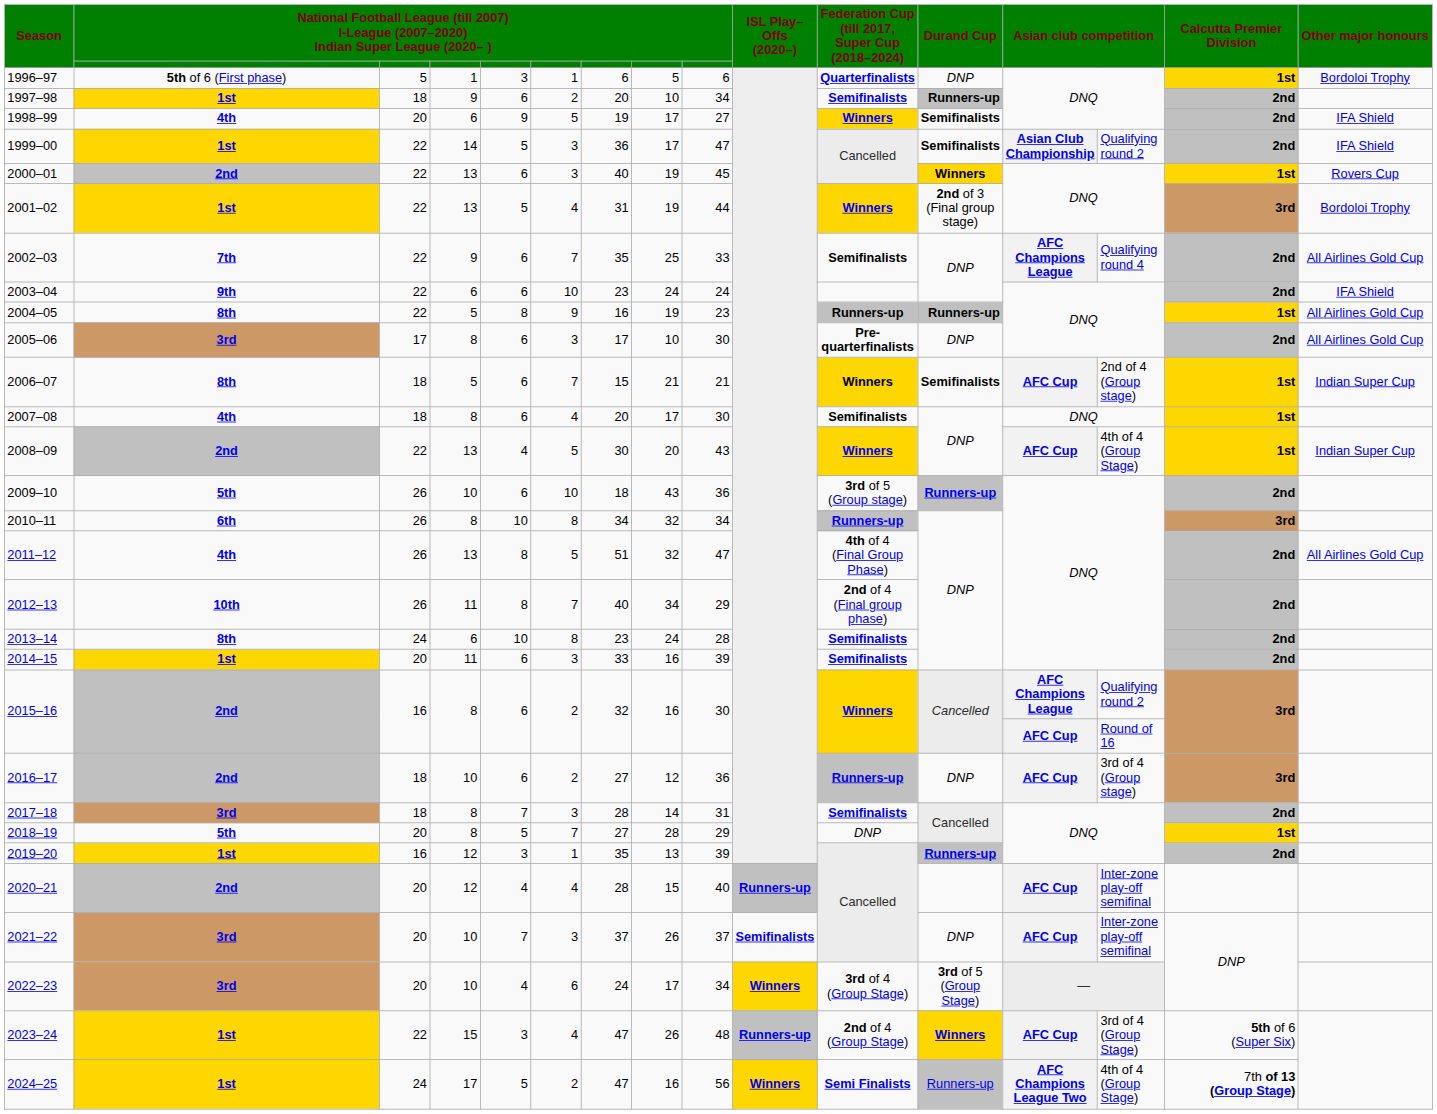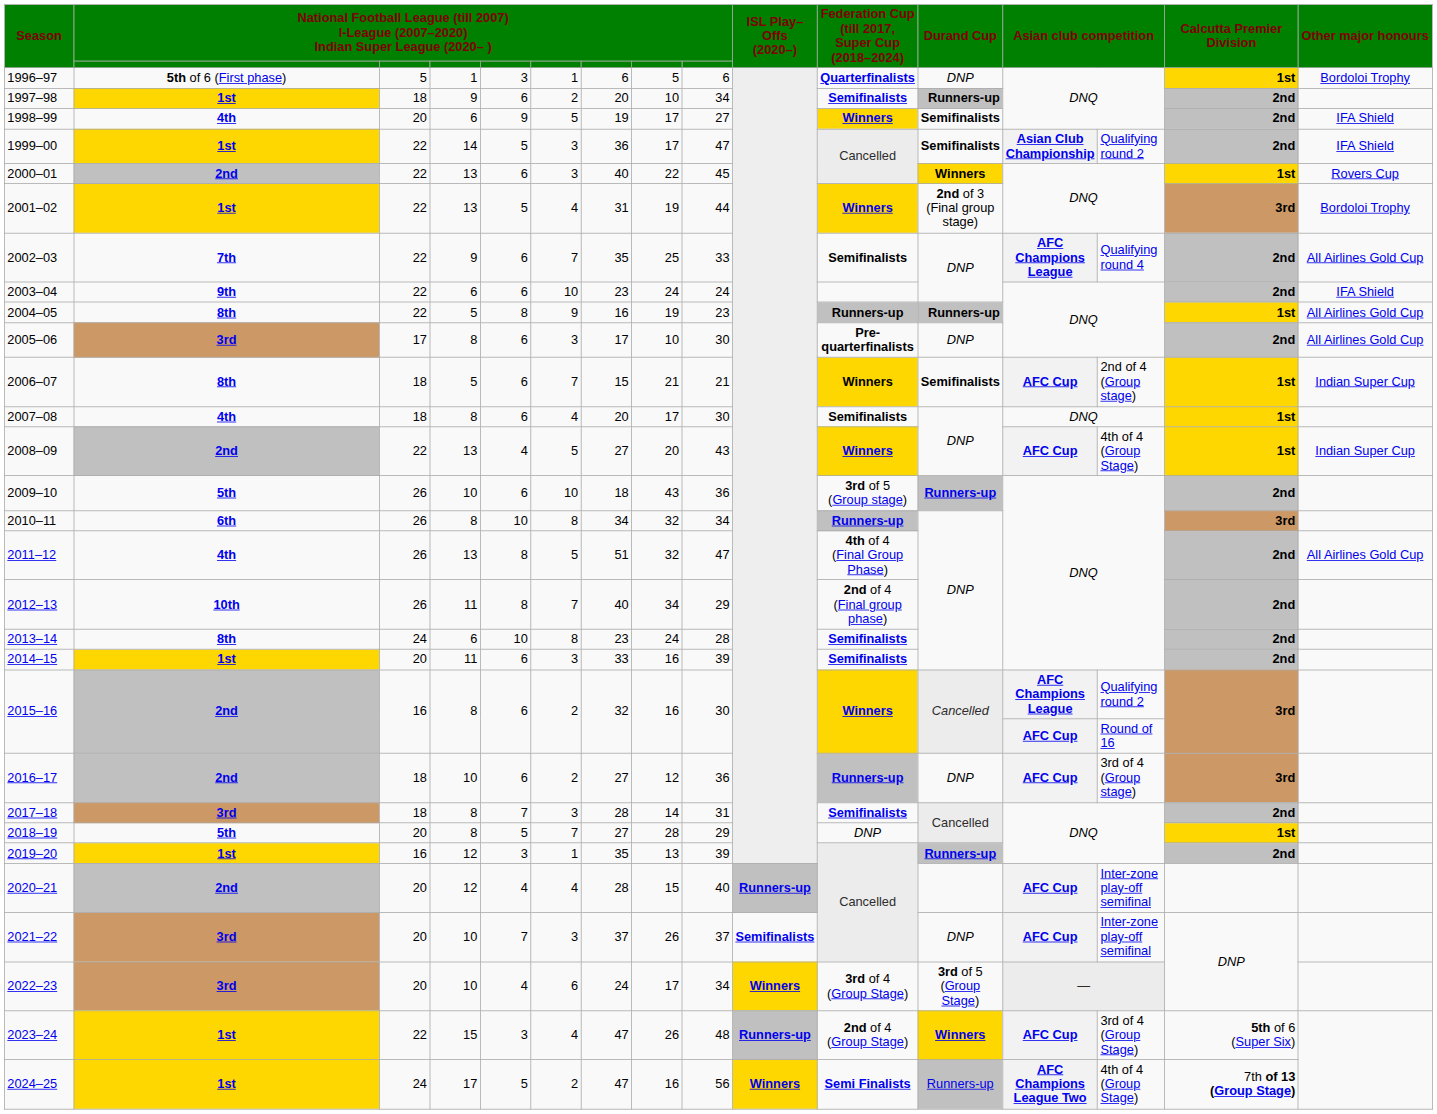 <table class="wikitable" style="width:90%; text-align:center;">
 <tr>
 <th rowspan="2" style="width:5%; background:Green; color:Maroon;">Season</th>
 <th colspan="8" style="width:50%; background:Green; color:Maroon;">National Football League (till 2007)<br>I-League (2007–2020)<br>Indian Super League (2020– )</th>
 <th rowspan="2" style="width:5%; background:Green; color:Maroon;">ISL Play–Offs<br>(2020–)</th>
 <th rowspan="2" style="width:5%; background:Green; color:Maroon;">Federation Cup (till 2017, <br>Super Cup (2018–2024)<br></th>
 <th rowspan="2" style="width:5%; background:Green; color:Maroon;">Durand Cup</th>
 <th colspan="2" rowspan="2" style="width:10%; background:Green; color:Maroon;">Asian club competition</th>
 <th rowspan="2" style="width:10%; background:Green; color:Maroon;">Calcutta Premier Division</th>
 <th rowspan="2" style="width:10%; background:Green; color:Maroon;">Other major honours</th>
 </tr>
 <tr>
 <th style="background:Green; color:Maroon;"></th>
 <th style="background:Green; color:Maroon;"></th>
 <th style="background:Green; color:Maroon;"></th>
 <th style="background:Green; color:Maroon;"></th>
 <th style="background:Green; color:Maroon;"></th>
 <th style="background:Green; color:Maroon;"></th>
 <th style="background:Green; color:Maroon;"></th>
 <th style="background:Green; color:Maroon;"></th>
 </tr>
 <tr>
 <td align=left>1996–97</td>
 <td style="text-align:centre;"><strong>5th</strong> of 6 (<a href='#'>First phase</a>)</td>
 <td align="right">5</td>
 <td align=right>1</td>
 <td align=right>3</td>
 <td align=right>1</td>
 <td align=right>6</td>
 <td align=right>5</td>
 <td align=right>6</td>
 <td rowspan="25" style="Background: #EEE; Vertical-Align: Middle; Text-Align: Center; " Class="Table-Cast"></td>
 <td><strong><a href='#'>Quarterfinalists</a></strong></td>
 <td><em>DNP</em></td>
 <td colspan="2" rowspan="3"><em>DNQ</em></td>
 <td style="text-align:right; background:gold;"><strong>1st</strong></td>
 <td><a href='#'>Bordoloi Trophy</a></td>
 </tr>
 <tr>
 <td align=left>1997–98</td>
 <td style="text-align:centre; background:gold;"><strong><a href='#'>1st</a></strong></td>
 <td align=right>18</td>
 <td align=right>9</td>
 <td align=right>6</td>
 <td align=right>2</td>
 <td align=right>20</td>
 <td align=right>10</td>
 <td align=right>34</td>
 <td><strong><a href='#'>Semifinalists</a></strong></td>
 <td style="text-align:right; background:silver;"><strong>Runners-up</strong></td>
 <td style="text-align:right; background:silver;"><strong>2nd</strong></td>
 <td></td>
 </tr>
 <tr>
 <td align=left>1998–99</td>
 <td align=centre><strong><a href='#'>4th</a></strong></td>
 <td align=right>20</td>
 <td align=right>6</td>
 <td align=right>9</td>
 <td align=right>5</td>
 <td align=right>19</td>
 <td align=right>17</td>
 <td align=right>27</td>
 <td style="background:gold;"><strong><a href='#'>Winners</a></strong></td>
 <td><strong>Semifinalists</strong></td>
 <td style="text-align:right; background:silver;"><strong>2nd</strong></td>
 <td><a href='#'>IFA Shield</a></td>
 </tr>
 <tr>
 <td align=left>1999–00</td>
 <td style="text-align:centre; background:gold;"><strong><a href='#'>1st</a></strong></td>
 <td align=right>22</td>
 <td align=right>14</td>
 <td align=right>5</td>
 <td align=right>3</td>
 <td align=right>36</td>
 <td align=right>17</td>
 <td align=right>47</td>
 <td rowspan=2 data-sort-value="" style="background: #ececec; color: #2C2C2C; vertical-align: middle; text-align: center; " class="table-na">Cancelled</td>
 <td><strong>Semifinalists</strong></td>
 <th><a href='#'>Asian Club Championship</a></th>
 <td align="left"><a href='#'>Qualifying<br>round 2</a></td>
 <td style="text-align:right; background:silver;"><strong>2nd</strong></td>
 <td><a href='#'>IFA Shield</a></td>
 </tr>
 <tr>
 <td align=left>2000–01</td>
 <td style="text-align:centre; background:silver;"><strong><a href='#'>2nd</a></strong></td>
 <td align=right>22</td>
 <td align=right>13</td>
 <td align=right>6</td>
 <td align=right>3</td>
 <td align=right>40</td>
-<td align=right>19</td>
+<td align=right>22</td>
 <td align=right>45</td>
 <td style="background:gold;"><strong>Winners</strong></td>
 <td colspan="2" rowspan="2"><em>DNQ</em></td>
 <td style="text-align:right; background:gold;"><strong>1st</strong></td>
 <td><a href='#'>Rovers Cup</a></td>
 </tr>
 <tr>
 <td align=left>2001–02</td>
 <td style="text-align:centre; background:gold;"><strong><a href='#'>1st</a></strong></td>
 <td align=right>22</td>
 <td align=right>13</td>
 <td align=right>5</td>
 <td align=right>4</td>
 <td align=right>31</td>
 <td align=right>19</td>
 <td align=right>44</td>
 <td style=background:gold;><strong><a href='#'>Winners</a></strong></td>
 <td><strong>2nd</strong> of 3<br>(Final group stage)</td>
 <td style="text-align:right; background:#c96;"><strong>3rd</strong></td>
 <td><a href='#'>Bordoloi Trophy</a></td>
 </tr>
 <tr>
 <td align=left>2002–03</td>
 <td align=centre><strong><a href='#'>7th</a></strong></td>
 <td align=right>22</td>
 <td align=right>9</td>
 <td align=right>6</td>
 <td align=right>7</td>
 <td align=right>35</td>
 <td align=right>25</td>
 <td align=right>33</td>
 <td><strong>Semifinalists</strong></td>
 <td rowspan="2"><em>DNP</em></td>
 <th><a href='#'>AFC Champions League</a></th>
 <td align="left"><a href='#'>Qualifying<br>round 4</a></td>
 <td style="text-align:right; background:silver;"><strong>2nd</strong></td>
 <td><a href='#'>All Airlines Gold Cup</a></td>
 </tr>
 <tr>
 <td align=left>2003–04</td>
 <td align=centre><strong><a href='#'>9th</a></strong></td>
 <td align=right>22</td>
 <td align=right>6</td>
 <td align=right>6</td>
 <td align=right>10</td>
 <td align=right>23</td>
 <td align=right>24</td>
 <td align=right>24</td>
 <td></td>
 <td colspan="2" rowspan="3"><em>DNQ</em></td>
 <td style="text-align:right; background:silver;"><strong>2nd</strong></td>
 <td><a href='#'>IFA Shield</a></td>
 </tr>
 <tr>
 <td align=left>2004–05</td>
 <td align=centre><strong><a href='#'>8th</a></strong></td>
 <td align=right>22</td>
 <td align=right>5</td>
 <td align=right>8</td>
 <td align=right>9</td>
 <td align=right>16</td>
 <td align=right>19</td>
 <td align=right>23</td>
 <td style="background:silver;"><strong>Runners-up</strong></td>
 <td style="text-align:right; background:silver;"><strong>Runners-up</strong></td>
 <td style="text-align:right; background:gold;"><strong>1st</strong></td>
 <td><a href='#'>All Airlines Gold Cup</a></td>
 </tr>
 <tr>
 <td align=left>2005–06</td>
 <td style="text-align: centre; background:#c96;"><strong><a href='#'>3rd</a></strong></td>
 <td align=right>17</td>
 <td align=right>8</td>
 <td align=right>6</td>
 <td align=right>3</td>
 <td align=right>17</td>
 <td align=right>10</td>
 <td align=right>30</td>
 <td><strong>Pre-quarterfinalists</strong></td>
 <td><em>DNP</em></td>
 <td style="text-align:right; background:silver;"><strong>2nd</strong></td>
 <td><a href='#'>All Airlines Gold Cup</a></td>
 </tr>
 <tr>
 <td align=left>2006–07</td>
 <td align=centre><strong><a href='#'>8th</a></strong></td>
 <td align=right>18</td>
 <td align=right>5</td>
 <td align=right>6</td>
 <td align=right>7</td>
 <td align=right>15</td>
 <td align=right>21</td>
 <td align=right>21</td>
 <td style=background:gold;><strong>Winners</strong></td>
 <td><strong>Semifinalists</strong></td>
 <th><a href='#'>AFC Cup</a></th>
 <td align="left">2nd of 4<br>(<a href='#'>Group stage</a>)</td>
 <td style="text-align:right; background:gold;"><strong>1st</strong></td>
 <td><a href='#'>Indian Super Cup</a></td>
 </tr>
 <tr>
 <td align=left>2007–08</td>
 <td align=centre><strong><a href='#'>4th</a></strong></td>
 <td align=right>18</td>
 <td align=right>8</td>
 <td align=right>6</td>
 <td align=right>4</td>
 <td align=right>20</td>
 <td align=right>17</td>
 <td align=right>30</td>
 <td><strong>Semifinalists</strong></td>
 <td rowspan="2"><em>DNP</em></td>
 <td colspan="2"><em>DNQ</em></td>
 <td style="text-align:right; background:gold;"><strong>1st</strong></td>
 <td></td>
 </tr>
 <tr>
 <td align=left>2008–09</td>
 <td style="text-align:centre; background:silver;"><strong><a href='#'>2nd</a></strong></td>
 <td align=right>22</td>
 <td align=right>13</td>
 <td align=right>4</td>
 <td align=right>5</td>
-<td align=right>30</td>
+<td align=right>27</td>
 <td align=right>20</td>
 <td align=right>43</td>
 <td style=background:gold;><a href='#'><strong>Winners</strong></a></td>
 <th><a href='#'>AFC Cup</a></th>
 <td align="left">4th of 4<br>(<a href='#'>Group Stage</a>)</td>
 <td style="text-align:right; background:gold;"><strong>1st</strong></td>
 <td><a href='#'>Indian Super Cup</a></td>
 </tr>
 <tr>
 <td align=left>2009–10</td>
 <td align=centre><strong><a href='#'>5th</a></strong></td>
 <td align=right>26</td>
 <td align=right>10</td>
 <td align=right>6</td>
 <td align=right>10</td>
 <td align=right>18</td>
 <td align=right>43</td>
 <td align=right>36</td>
 <td><strong>3rd</strong> of 5<br>(<a href='#'>Group stage</a>)</td>
 <td style="background:silver;"><strong><a href='#'>Runners-up</a></strong></td>
 <td colspan="2" rowspan="6"><em>DNQ</em></td>
 <td style="text-align:right; background:silver;"><strong>2nd</strong></td>
 <td></td>
 </tr>
 <tr>
 <td align=left>2010–11</td>
 <td align=centre><strong><a href='#'>6th</a></strong></td>
 <td align=right>26</td>
 <td align=right>8</td>
 <td align=right>10</td>
 <td align=right>8</td>
 <td align=right>34</td>
 <td align=right>32</td>
 <td align=right>34</td>
 <td style="background:silver;"><strong><a href='#'>Runners-up</a></strong></td>
 <td rowspan="5"><em>DNP</em></td>
 <td style="text-align:right; background:#c96;"><strong>3rd</strong></td>
 <td></td>
 </tr>
 <tr>
 <td align=left><a href='#'>2011–12</a></td>
 <td align=centre><strong><a href='#'>4th</a></strong></td>
 <td align=right>26</td>
 <td align=right>13</td>
 <td align=right>8</td>
 <td align=right>5</td>
 <td align=right>51</td>
 <td align=right>32</td>
 <td align=right>47</td>
 <td><strong>4th</strong> of 4<br>(<a href='#'>Final Group Phase</a>)</td>
 <td style="text-align:right; background:silver;"><strong>2nd</strong></td>
 <td><a href='#'>All Airlines Gold Cup</a></td>
 </tr>
 <tr>
 <td align=left><a href='#'>2012–13</a></td>
 <td align=centre><strong><a href='#'>10th</a></strong></td>
 <td align=right>26</td>
 <td align=right>11</td>
 <td align=right>8</td>
 <td align=right>7</td>
 <td align=right>40</td>
 <td align=right>34</td>
 <td align=right>29</td>
 <td><strong>2nd</strong> of 4<br>(<a href='#'>Final group phase</a>)</td>
 <td style="text-align:right; background:silver;"><strong>2nd</strong></td>
 <td></td>
 </tr>
 <tr>
 <td align=left><a href='#'>2013–14</a></td>
 <td align=centre><strong><a href='#'>8th</a></strong></td>
 <td align=right>24</td>
 <td align=right>6</td>
 <td align=right>10</td>
 <td align=right>8</td>
 <td align=right>23</td>
 <td align=right>24</td>
 <td align=right>28</td>
 <td><a href='#'><strong>Semifinalists</strong></a></td>
 <td style="text-align:right; background:silver;"><strong>2nd</strong></td>
 <td></td>
 </tr>
 <tr>
 <td align=left><a href='#'>2014–15</a></td>
 <td style="text-align:centre; background:gold;"><strong><a href='#'>1st</a></strong></td>
 <td align=right>20</td>
 <td align=right>11</td>
 <td align=right>6</td>
 <td align=right>3</td>
 <td align=right>33</td>
 <td align=right>16</td>
 <td align=right>39</td>
 <td><strong><a href='#'>Semifinalists</a></strong></td>
 <td style="text-align:right; background:silver;"><strong>2nd</strong></td>
 <td></td>
 </tr>
 <tr>
 <td rowspan="2" align="left"><a href='#'>2015–16</a></td>
 <td rowspan="2" style="text-align:centre; background:silver;"><strong><a href='#'>2nd</a></strong></td>
 <td rowspan="2" align="right">16</td>
 <td rowspan="2" align="right">8</td>
 <td rowspan="2" align="right">6</td>
 <td rowspan="2" align="right">2</td>
 <td rowspan="2" align="right">32</td>
 <td rowspan="2" align="right">16</td>
 <td rowspan="2" align="right">30</td>
 <td rowspan="2" style="background:gold;"><strong><a href='#'>Winners</a></strong></td>
 <td data-sort-value="" style="background: #ececec; color: #2C2C2C; vertical-align: middle; text-align: center; " class="table-na"  rowspan="2"><em>Cancelled</em></td>
 <th><a href='#'>AFC Champions League</a></th>
 <td align="left"><a href='#'>Qualifying round 2</a></td>
 <td rowspan="2" style="text-align:right; background:#c96;"><strong>3rd</strong></td>
 <td rowspan="2"></td>
 </tr>
 <tr>
 <th><a href='#'>AFC Cup</a></th>
 <td align=left><a href='#'>Round of 16</a></td>
 </tr>
 <tr>
 <td align="left"><a href='#'>2016–17</a></td>
 <td style="text-align:centre; background:silver;"><strong><a href='#'>2nd</a></strong></td>
 <td align="right">18</td>
 <td align="right">10</td>
 <td align="right">6</td>
 <td align="right">2</td>
 <td align="right">27</td>
 <td align="right">12</td>
 <td align="right">36</td>
 <td style="background:silver;"><strong><a href='#'>Runners-up</a></strong></td>
 <td><em>DNP</em></td>
 <th><a href='#'>AFC Cup</a></th>
 <td align="left">3rd of 4<br>(<a href='#'>Group stage</a>)</td>
 <td style="text-align:right; background:#c96;"><strong>3rd</strong></td>
 <td></td>
 </tr>
 <tr>
 <td align=left><a href='#'>2017–18</a></td>
 <td style="text-align:centre; background:#c96;"><strong><a href='#'>3rd</a></strong></td>
 <td align=right>18</td>
 <td align=right>8</td>
 <td align=right>7</td>
 <td align=right>3</td>
 <td align=right>28</td>
 <td align=right>14</td>
 <td align=right>31</td>
 <td><a href='#'><strong>Semifinalists</strong></a></td>
 <td rowspan=2 data-sort-value="" style="background: #ececec; color: #2C2C2C; vertical-align: middle; text-align: center; " class="table-na">Cancelled</td>
 <td colspan="2" rowspan="3"><em>DNQ</em></td>
 <td style="text-align:right; background:silver;"><strong>2nd</strong></td>
 <td></td>
 </tr>
 <tr>
 <td align=left><a href='#'>2018–19</a></td>
 <td align=centre><strong><a href='#'>5th</a></strong></td>
 <td align=right>20</td>
 <td align=right>8</td>
 <td align=right>5</td>
 <td align=right>7</td>
 <td align=right>27</td>
 <td align=right>28</td>
 <td align=right>29</td>
 <td><em>DNP</em></td>
 <td style="text-align:right; background:gold;"><strong>1st</strong></td>
 <td></td>
 </tr>
 <tr>
 <td align=left><a href='#'>2019–20</a></td>
 <td style="text-align:centre; background:gold;"><strong><a href='#'>1st</a></strong></td>
 <td align=right>16</td>
 <td align="right">12</td>
 <td align=right>3</td>
 <td align=right>1</td>
 <td align=right>35</td>
 <td align=right>13</td>
 <td align=right>39</td>
 <td rowspan=3 data-sort-value="" style="background: #ececec; color: #2C2C2C; vertical-align: middle; text-align: center; " class="table-na">Cancelled</td>
 <td style="background:silver;"><strong><a href='#'>Runners-up</a></strong></td>
 <td style="text-align:right; background:silver;"><strong>2nd</strong></td>
 <td></td>
 </tr>
 <tr>
 <td align=left><a href='#'>2020–21</a></td>
 <td style="text-align:centre; background:silver;"><strong><a href='#'>2nd</a></strong></td>
 <td align=right>20</td>
 <td align=right>12</td>
 <td align=right>4</td>
 <td align=right>4</td>
 <td align=right>28</td>
 <td align=right>15</td>
 <td align=right>40</td>
 <td style="background:silver;"><a href='#'><strong>Runners-up</strong></a></td>
 <td></td>
 <th><a href='#'>AFC Cup</a></th>
 <td style="text-align:left"><a href='#'>Inter-zone play-off semifinal</a></td>
 <td></td>
 <td></td>
 </tr>
 <tr>
 <td align=left><a href='#'>2021–22</a></td>
 <td style="text-align:centre; background:#c96;"><strong><a href='#'>3rd</a></strong></td>
 <td align=right>20</td>
 <td align=right>10</td>
 <td align=right>7</td>
 <td align=right>3</td>
 <td align=right>37</td>
 <td align=right>26</td>
 <td align=right>37</td>
 <td><a href='#'><strong>Semifinalists</strong></a></td>
 <td><em>DNP</em></td>
 <th><a href='#'>AFC Cup</a></th>
 <td style="text-align:left"><a href='#'>Inter-zone play-off semifinal</a></td>
 <td rowspan="2"><em>DNP</em></td>
 <td></td>
 </tr>
 <tr>
 <td align=left><a href='#'>2022–23</a></td>
 <td style="text-align:centre; background:#c96;"><strong><a href='#'>3rd</a></strong></td>
 <td align=right>20</td>
 <td align=right>10</td>
 <td align=right>4</td>
 <td align=right>6</td>
 <td align=right>24</td>
 <td align=right>17</td>
 <td align=right>34</td>
 <td style="background:gold;"><a href='#'><strong>Winners</strong></a></td>
 <td><strong>3rd</strong> of 4<br>(<a href='#'>Group Stage</a>)</td>
 <td><strong>3rd</strong> of 5<br>(<a href='#'>Group Stage</a>)</td>
 <td colspan="2" data-sort-value="" style="background: #ececec; color: #2C2C2C; vertical-align: middle; text-align: center; " class="table-na">—</td>
 <td></td>
 </tr>
 <tr>
 <td align=left><a href='#'>2023–24</a></td>
 <td style="text-align:centre; background:gold;"><strong><a href='#'>1st</a></strong></td>
 <td align=right>22</td>
 <td align=right>15</td>
 <td align=right>3</td>
 <td align=right>4</td>
 <td align=right>47</td>
 <td align=right>26</td>
 <td align=right>48</td>
 <td style="background:silver;"><a href='#'><strong>Runners-up</strong></a></td>
 <td><strong>2nd</strong> of 4<br>(<a href='#'>Group Stage</a>)</td>
 <td style="background:gold;"><a href='#'><strong>Winners</strong></a></td>
 <th><a href='#'><strong>AFC Cup</strong></a></th>
 <td align=left>3rd of 4<br>(<a href='#'>Group Stage</a>)</td>
 <td align=right><strong>5th</strong> of 6<br>(<a href='#'>Super Six</a>)</td>
 </tr>
 <tr>
 <td align=left><a href='#'>2024–25</a></td>
 <td style="text-align:centre; background:gold;"><strong><a href='#'>1st</a></strong></td>
 <td align=right>24</td>
 <td align=right>17</td>
 <td align=right>5</td>
 <td align=right>2</td>
 <td align=right>47</td>
 <td align=right>16</td>
 <td align=right>56</td>
 <td style="text-align:centre; background:gold;"><strong><a href='#'>Winners</a></strong></td>
 <td><a href='#'><strong>Semi Finalists</a></td>
 <td style="background:silver;"><a href='#'></strong>Runners-up<strong></a></td>
 <th><a href='#'></strong>AFC Champions League Two<strong></a></th>
 <td align=left>4th of 4<br>(<a href='#'>Group Stage</a>)</td>
 <td align=right></strong>7th<strong> of 13<br>(<a href='#'>Group Stage</a>)</td>
 </tr>
 </table>
